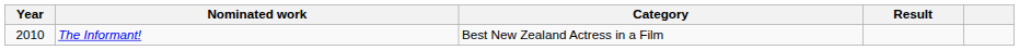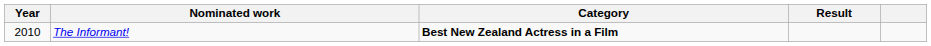 <table class="wikitable" style="width:100%;">
 <tr>
 <th style="width:5%;">Year</th>
 <th style="width:40%;">Nominated work</th>
 <th style="width:40%;">Category</th>
 <th style="width:10%;">Result</th>
 <th style="width:5%;"></th>
 </tr>
 <tr>
 <td rowspan="2" style="text-align:center;">2010</td>
 <td><em><a href='#'>The Informant!</a></em></td>
-<td>Best New Zealand Actress in a Film</td>
+<td><strong>Best New Zealand Actress in a Film</strong></td>
 <td></td>
 <td style="text-align:center;"></td>
 </tr>
 </table>
